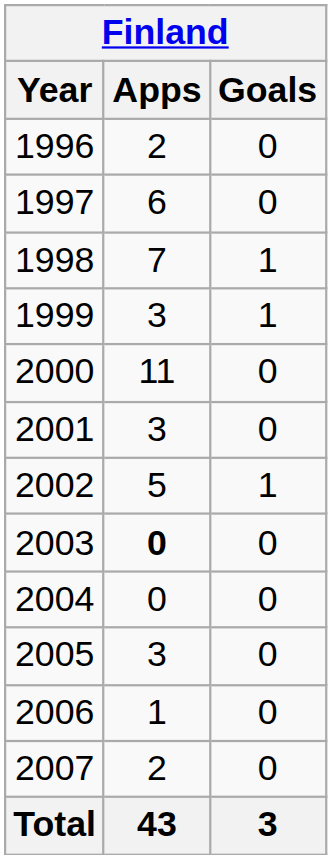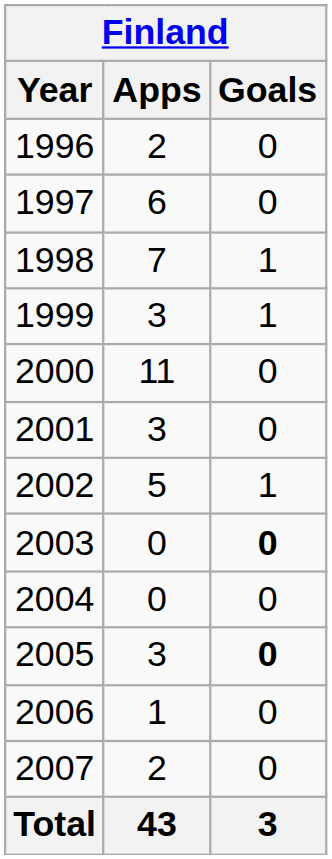 <table class=wikitable style=text-align:center>
 <tr>
 <th colspan=4><a href='#'>Finland</a></th>
 </tr>
 <tr>
 <th>Year</th>
 <th>Apps</th>
 <th>Goals</th>
 </tr>
 <tr>
 <td>1996</td>
 <td>2</td>
 <td>0</td>
 </tr>
 <tr>
 <td>1997</td>
 <td>6</td>
 <td>0</td>
 </tr>
 <tr>
 <td>1998</td>
 <td>7</td>
 <td>1</td>
 </tr>
 <tr>
 <td>1999</td>
 <td>3</td>
 <td>1</td>
 </tr>
 <tr>
 <td>2000</td>
 <td>11</td>
 <td>0</td>
 </tr>
 <tr>
 <td>2001</td>
 <td>3</td>
 <td>0</td>
 </tr>
 <tr>
 <td>2002</td>
 <td>5</td>
 <td>1</td>
 </tr>
 <tr>
 <td>2003</td>
+<td>0</td>
 <td><strong>0</strong></td>
-<td>0</td>
 </tr>
 <tr>
 <td>2004</td>
 <td>0</td>
 <td>0</td>
 </tr>
 <tr>
 <td>2005</td>
 <td>3</td>
-<td>0</td>
+<td><strong>0</strong></td>
 </tr>
 <tr>
 <td>2006</td>
 <td>1</td>
 <td>0</td>
 </tr>
 <tr>
 <td>2007</td>
 <td>2</td>
 <td>0</td>
 </tr>
 <tr>
 <th colspan=1>Total</th>
 <th>43</th>
 <th>3</th>
 </tr>
 </table>
